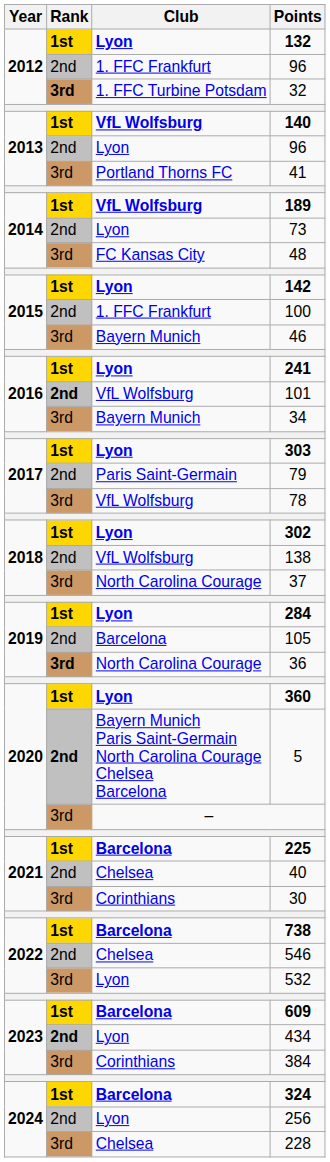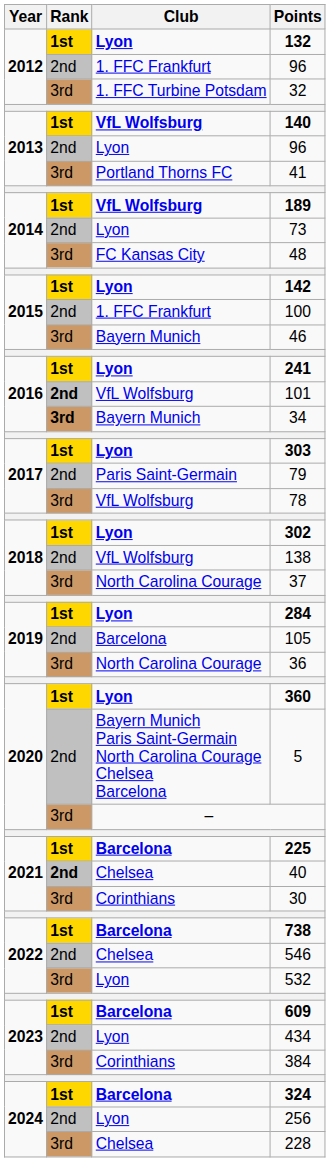 <table class="wikitable">
 <tr>
 <th>Year</th>
 <th>Rank</th>
 <th>Club</th>
 <th>Points</th>
 </tr>
 <tr>
 <td rowspan="3" align="center"><strong>2012</strong></td>
 <td scope="col" style="background-color: gold"><strong>1st</strong></td>
 <td><strong> <a href='#'>Lyon</a></strong></td>
 <td align="center"><strong>132</strong></td>
 </tr>
 <tr>
 <td scope="col" style="background-color: silver">2nd</td>
 <td><strong></strong> <a href='#'>1. FFC Frankfurt</a></td>
 <td align="center">96</td>
 </tr>
 <tr>
-<td scope="col" style="background-color: #cc9966"><strong>3rd</strong></td>
+<td scope="col" style="background-color: #cc9966">3rd</td>
 <td><strong></strong> <a href='#'>1. FFC Turbine Potsdam</a></td>
 <td align="center">32</td>
 </tr>
 <tr>
 <th colspan="4"></th>
 </tr>
 <tr>
 <td rowspan="3" align="center"><strong>2013</strong></td>
 <td scope="col" style="background-color: gold"><strong>1st</strong></td>
 <td><strong> <a href='#'>VfL Wolfsburg</a></strong></td>
 <td align="center"><strong>140</strong></td>
 </tr>
 <tr>
 <td scope="col" style="background-color: silver">2nd</td>
 <td> <a href='#'>Lyon</a></td>
 <td align="center">96</td>
 </tr>
 <tr>
 <td scope="col" style="background-color: #cc9966">3rd</td>
 <td> <a href='#'>Portland Thorns FC</a></td>
 <td align="center">41</td>
 </tr>
 <tr>
 <th colspan="4"></th>
 </tr>
 <tr>
 <td rowspan="3" align="center"><strong>2014</strong></td>
 <td scope="col" style="background-color: gold"><strong>1st</strong></td>
 <td><strong> <a href='#'>VfL Wolfsburg</a></strong></td>
 <td align="center"><strong>189</strong></td>
 </tr>
 <tr>
 <td scope="col" style="background-color: silver">2nd</td>
 <td> <a href='#'>Lyon</a></td>
 <td align="center">73</td>
 </tr>
 <tr>
 <td scope="col" style="background-color: #cc9966">3rd</td>
 <td> <a href='#'>FC Kansas City</a></td>
 <td align="center">48</td>
 </tr>
 <tr>
 <th colspan="4"></th>
 </tr>
 <tr>
 <td rowspan="3" align="center"><strong>2015</strong></td>
 <td scope="col" style="background-color: gold"><strong>1st</strong></td>
 <td><strong> <a href='#'>Lyon</a></strong></td>
 <td align="center"><strong>142</strong></td>
 </tr>
 <tr>
 <td scope="col" style="background-color: silver">2nd</td>
 <td><strong></strong> <a href='#'>1. FFC Frankfurt</a></td>
 <td align="center">100</td>
 </tr>
 <tr>
 <td scope="col" style="background-color: #cc9966">3rd</td>
 <td> <a href='#'>Bayern Munich</a></td>
 <td align="center">46</td>
 </tr>
 <tr>
 <th colspan="4"></th>
 </tr>
 <tr>
 <td rowspan="3" align="center"><strong>2016</strong></td>
 <td scope="col" style="background-color: gold"><strong>1st</strong></td>
 <td><strong> <a href='#'>Lyon</a></strong></td>
 <td align="center"><strong>241</strong></td>
 </tr>
 <tr>
 <td scope="col" style="background-color: silver"><strong>2nd</strong></td>
 <td> <a href='#'>VfL Wolfsburg</a></td>
 <td align="center">101</td>
 </tr>
 <tr>
-<td scope="col" style="background-color: #cc9966">3rd</td>
+<td scope="col" style="background-color: #cc9966"><strong>3rd</strong></td>
 <td> <a href='#'>Bayern Munich</a></td>
 <td align="center">34</td>
 </tr>
 <tr>
 <th colspan="4"></th>
 </tr>
 <tr>
 <td rowspan="3" align="center"><strong>2017</strong></td>
 <td scope="col" style="background-color: gold"><strong>1st</strong></td>
 <td><strong> <a href='#'>Lyon</a></strong></td>
 <td align="center"><strong>303</strong></td>
 </tr>
 <tr>
 <td scope="col" style="background-color: silver">2nd</td>
 <td> <a href='#'>Paris Saint-Germain</a></td>
 <td align="center">79</td>
 </tr>
 <tr>
 <td scope="col" style="background-color: #cc9966">3rd</td>
 <td> <a href='#'>VfL Wolfsburg</a></td>
 <td align="center">78</td>
 </tr>
 <tr>
 <th colspan="4"></th>
 </tr>
 <tr>
 <td rowspan="3" align="center"><strong>2018</strong></td>
 <td scope="col" style="background-color: gold"><strong>1st</strong></td>
 <td><strong> <a href='#'>Lyon</a></strong></td>
 <td align="center"><strong>302</strong></td>
 </tr>
 <tr>
 <td scope="col" style="background-color: silver">2nd</td>
 <td> <a href='#'>VfL Wolfsburg</a></td>
 <td align="center">138</td>
 </tr>
 <tr>
 <td scope="col" style="background-color: #cc9966">3rd</td>
 <td> <a href='#'>North Carolina Courage</a></td>
 <td align="center">37</td>
 </tr>
 <tr>
 <th colspan="4"></th>
 </tr>
 <tr>
 <td rowspan="3" align="center"><strong>2019</strong></td>
 <td scope="col" style="background-color: gold"><strong>1st</strong></td>
 <td><strong> <a href='#'>Lyon</a></strong></td>
 <td align="center"><strong>284</strong></td>
 </tr>
 <tr>
 <td scope="col" style="background-color: silver">2nd</td>
 <td> <a href='#'>Barcelona</a></td>
 <td align="center">105</td>
 </tr>
 <tr>
-<td scope="col" style="background-color: #cc9966"><strong>3rd</strong></td>
+<td scope="col" style="background-color: #cc9966">3rd</td>
 <td> <a href='#'>North Carolina Courage</a></td>
 <td align="center">36</td>
 </tr>
 <tr>
 <th colspan="4"></th>
 </tr>
 <tr>
 <td rowspan="3" align="center"><strong>2020</strong></td>
 <td scope="col" style="background-color: gold"><strong>1st</strong></td>
 <td><strong> <a href='#'>Lyon</a></strong></td>
 <td align="center"><strong>360</strong></td>
 </tr>
 <tr>
-<td scope="col" style="background-color: silver"><strong>2nd</strong></td>
+<td scope="col" style="background-color: silver">2nd</td>
 <td> <a href='#'>Bayern Munich</a><br> <a href='#'>Paris Saint-Germain</a><br> <a href='#'>North Carolina Courage</a><br> <a href='#'>Chelsea</a><br> <a href='#'>Barcelona</a></td>
 <td align="center">5</td>
 </tr>
 <tr>
 <td scope="col" style="background-color: #cc9966">3rd</td>
 <td colspan="2" align="center">–</td>
 </tr>
 <tr>
 <th colspan="4"></th>
 </tr>
 <tr>
 <td rowspan="3"><strong>2021</strong></td>
 <td scope="col" style="background-color: gold"><strong>1st</strong></td>
 <td><strong> <a href='#'>Barcelona</a></strong></td>
 <td align="center"><strong>225</strong></td>
 </tr>
 <tr>
-<td scope="col" style="background-color: silver">2nd</td>
+<td scope="col" style="background-color: silver"><strong>2nd</strong></td>
 <td> <a href='#'>Chelsea</a></td>
 <td align="center">40</td>
 </tr>
 <tr>
 <td scope="col" style="background-color: #cc9966">3rd</td>
 <td> <a href='#'>Corinthians</a></td>
 <td align="center">30</td>
 </tr>
 <tr>
 <th colspan="4"></th>
 </tr>
 <tr>
 <td rowspan="3"><strong>2022</strong></td>
 <td scope="col" style="background-color: gold"><strong>1st</strong></td>
 <td><strong> <a href='#'>Barcelona</a></strong></td>
 <td align="center"><strong>738</strong></td>
 </tr>
 <tr>
 <td scope="col" style="background-color: silver">2nd</td>
 <td> <a href='#'>Chelsea</a></td>
 <td align="center">546</td>
 </tr>
 <tr>
 <td scope="col" style="background-color: #cc9966">3rd</td>
 <td> <a href='#'>Lyon</a></td>
 <td align="center">532</td>
 </tr>
 <tr>
 <th colspan="4"></th>
 </tr>
 <tr>
 <td rowspan="3"><strong>2023</strong></td>
 <td scope="col" style="background-color: gold"><strong>1st</strong></td>
 <td><strong> <a href='#'>Barcelona</a></strong></td>
 <td align="center"><strong>609</strong></td>
 </tr>
 <tr>
-<td scope="col" style="background-color: silver"><strong>2nd</strong></td>
+<td scope="col" style="background-color: silver">2nd</td>
 <td> <a href='#'>Lyon</a></td>
 <td align="center">434</td>
 </tr>
 <tr>
 <td scope="col" style="background-color: #cc9966">3rd</td>
 <td> <a href='#'>Corinthians</a></td>
 <td align="center">384</td>
 </tr>
 <tr>
 <th colspan="4"></th>
 </tr>
 <tr>
 <td rowspan="3"><strong>2024</strong></td>
 <td scope="col" style="background-color: gold"><strong>1st</strong></td>
 <td><strong> <a href='#'>Barcelona</a></strong></td>
 <td align="center"><strong>324</strong></td>
 </tr>
 <tr>
 <td scope="col" style="background-color: silver">2nd</td>
 <td> <a href='#'>Lyon</a></td>
 <td align="center">256</td>
 </tr>
 <tr>
 <td scope="col" style="background-color: #cc9966">3rd</td>
 <td> <a href='#'>Chelsea</a></td>
 <td align="center">228</td>
 </tr>
 </table>
